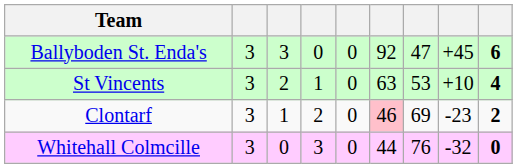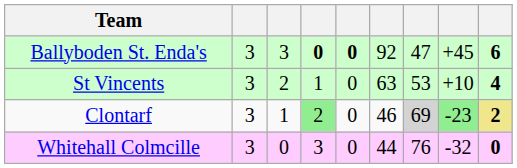 <table class="wikitable" style="text-align:center">
 <tr>
 <th style="width:175px;">Team</th>
 <th width="20"></th>
 <th width="20"></th>
 <th width="20"></th>
 <th width="20"></th>
 <th width="20"></th>
 <th width="20"></th>
 <th width="20"></th>
 <th width="20"></th>
 </tr>
 <tr style="background:#cfc;">
 <td><a href='#'>Ballyboden St. Enda's</a></td>
 <td>3</td>
 <td>3</td>
-<td>0</td>
-<td>0</td>
+<td><strong>0</strong></td>
+<td><strong>0</strong></td>
 <td>92</td>
 <td>47</td>
 <td>+45</td>
 <td><strong>6</strong></td>
 </tr>
 <tr style="background:#cfc;">
 <td><a href='#'>St Vincents</a></td>
 <td>3</td>
 <td>2</td>
 <td>1</td>
 <td>0</td>
 <td>63</td>
 <td>53</td>
 <td>+10</td>
 <td><strong>4</strong></td>
 </tr>
 <tr>
 <td><a href='#'>Clontarf</a></td>
 <td>3</td>
 <td>1</td>
-<td>2</td>
+<td style="background: lightgreen;">2</td>
 <td>0</td>
-<td style="background: pink;">46</td>
-<td>69</td>
-<td>-23</td>
-<td><strong>2</strong></td>
+<td>46</td>
+<td style="background: lightgrey;">69</td>
+<td style="background: lightgreen;">-23</td>
+<td style="background: khaki;"><strong>2</strong></td>
 </tr>
 <tr style="background:#fcf;">
 <td><a href='#'>Whitehall Colmcille</a></td>
 <td>3</td>
 <td>0</td>
 <td>3</td>
 <td>0</td>
 <td>44</td>
 <td>76</td>
 <td>-32</td>
 <td><strong>0</strong></td>
 </tr>
 </table>
